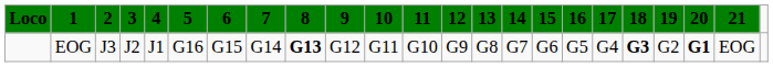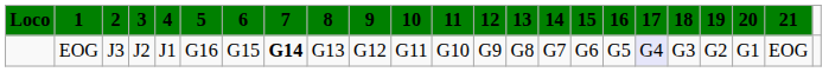 <table class="wikitable plainrowheaders unsortable" style="text-align:center">
 <tr>
 <th scope="col" rowspan="1" style="background:green;">Loco</th>
 <th scope="col" rowspan="1" style="background:green;">1</th>
 <th scope="col" rowspan="1" style="background:green;">2</th>
 <th scope="col" rowspan="1" style="background:green;">3</th>
 <th scope="col" rowspan="1" style="background:green;">4</th>
 <th scope="col" rowspan="1" style="background:green;">5</th>
 <th scope="col" rowspan="1" style="background:green;">6</th>
 <th scope="col" rowspan="1" style="background:green;">7</th>
 <th scope="col" rowspan="1" style="background:green;">8</th>
 <th scope="col" rowspan="1" style="background:green;">9</th>
 <th scope="col" rowspan="1" style="background:green;">10</th>
 <th scope="col" rowspan="1" style="background:green;">11</th>
 <th scope="col" rowspan="1" style="background:green;">12</th>
 <th scope="col" rowspan="1" style="background:green;">13</th>
 <th scope="col" rowspan="1" style="background:green;">14</th>
 <th scope="col" rowspan="1" style="background:green;">15</th>
 <th scope="col" rowspan="1" style="background:green;">16</th>
 <th scope="col" rowspan="1" style="background:green;">17</th>
 <th scope="col" rowspan="1" style="background:green;">18</th>
 <th scope="col" rowspan="1" style="background:green;">19</th>
 <th scope="col" rowspan="1" style="background:green;">20</th>
 <th scope="col" rowspan="1" style="background:green;">21</th>
 </tr>
 <tr>
 <td></td>
 <td>EOG</td>
 <td>J3</td>
 <td>J2</td>
 <td>J1</td>
 <td>G16</td>
 <td>G15</td>
-<td>G14</td>
-<td><strong>G13</strong></td>
+<td><strong>G14</strong></td>
+<td>G13</td>
 <td>G12</td>
 <td>G11</td>
 <td>G10</td>
 <td>G9</td>
 <td>G8</td>
 <td>G7</td>
 <td>G6</td>
 <td>G5</td>
-<td>G4</td>
-<td><strong>G3</strong></td>
+<td style="background: lavender;">G4</td>
+<td>G3</td>
 <td>G2</td>
-<td><strong>G1</strong></td>
+<td>G1</td>
 <td>EOG</td>
 <td></td>
 </tr>
 </table>
